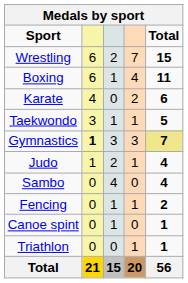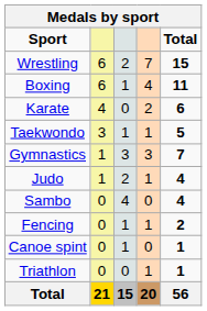 <table class=wikitable style="font-size:85%">
 <tr bgcolor=efefef>
 <th colspan=5><strong>Medals by sport</strong></th>
 </tr>
 <tr align=center>
 <td><strong>Sport</strong></td>
 <td bgcolor=#f7f6a8></td>
 <td bgcolor=#dce5e5></td>
 <td bgcolor=#ffdab9></td>
 <td><strong>Total</strong></td>
 </tr>
 <tr align=center>
 <td><a href='#'>Wrestling</a></td>
 <td bgcolor=F7F6A8>6</td>
 <td bgcolor=DCE5E5>2</td>
 <td bgcolor=FFDAB9>7</td>
 <td><strong>15</strong></td>
 </tr>
 <tr align=center>
 <td><a href='#'>Boxing</a></td>
 <td bgcolor=F7F6A8>6</td>
 <td bgcolor=DCE5E5>1</td>
 <td bgcolor=FFDAB9>4</td>
 <td><strong>11</strong></td>
 </tr>
 <tr align=center>
 <td><a href='#'>Karate</a></td>
 <td bgcolor=F7F6A8>4</td>
 <td bgcolor=DCE5E5>0</td>
 <td bgcolor=FFDAB9>2</td>
 <td><strong>6</strong></td>
 </tr>
 <tr align=center>
 <td><a href='#'>Taekwondo</a></td>
 <td bgcolor=F7F6A8>3</td>
 <td bgcolor=DCE5E5>1</td>
 <td bgcolor=FFDAB9>1</td>
 <td><strong>5</strong></td>
 </tr>
 <tr align=center>
 <td><a href='#'>Gymnastics</a></td>
-<td bgcolor=F7F6A8><strong>1</strong></td>
+<td bgcolor=F7F6A8>1</td>
 <td bgcolor=DCE5E5>3</td>
 <td bgcolor=FFDAB9>3</td>
-<td style="background: khaki;"><strong>7</strong></td>
+<td><strong>7</strong></td>
 </tr>
 <tr align=center>
 <td><a href='#'>Judo</a></td>
 <td bgcolor=F7F6A8>1</td>
 <td bgcolor=DCE5E5>2</td>
 <td bgcolor=FFDAB9>1</td>
 <td><strong>4</strong></td>
 </tr>
 <tr align=center>
 <td><a href='#'>Sambo</a></td>
 <td bgcolor=F7F6A8>0</td>
 <td bgcolor=DCE5E5>4</td>
 <td bgcolor=FFDAB9>0</td>
 <td><strong>4</strong></td>
 </tr>
 <tr align=center>
 <td><a href='#'>Fencing</a></td>
 <td bgcolor=F7F6A8>0</td>
 <td bgcolor=DCE5E5>1</td>
 <td bgcolor=FFDAB9>1</td>
 <td><strong>2</strong></td>
 </tr>
 <tr align=center>
 <td><a href='#'>Canoe spint</a></td>
 <td bgcolor=F7F6A8>0</td>
 <td bgcolor=DCE5E5>1</td>
 <td bgcolor=FFDAB9>0</td>
 <td><strong>1</strong></td>
 </tr>
 <tr align=center>
 <td><a href='#'>Triathlon</a></td>
 <td bgcolor=F7F6A8>0</td>
 <td bgcolor=DCE5E5>0</td>
 <td bgcolor=FFDAB9>1</td>
 <td><strong>1</strong></td>
 </tr>
 <tr align=center>
 <th><strong>Total</strong></th>
 <th style="background:gold"><strong>21</strong></th>
 <th style="background:silver"><strong>15</strong></th>
 <th style="background:#c96"><strong>20</strong></th>
 <th><strong>56</strong></th>
 </tr>
 </table>
